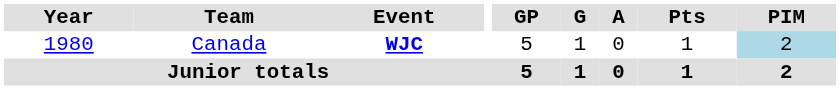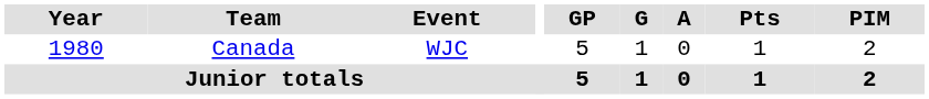 <table border="0" cellpadding="1" cellspacing="0" ID="Table3" style="text-align:center; width:40em">
 <tr bgcolor="#e0e0e0">
 <th>Year</th>
 <th>Team</th>
 <th>Event</th>
 <th rowspan="102" bgcolor="#ffffff"></th>
 <th>GP</th>
 <th>G</th>
 <th>A</th>
 <th>Pts</th>
 <th>PIM</th>
 </tr>
 <tr>
 <td><a href='#'>1980</a></td>
 <td><a href='#'>Canada</a></td>
-<td><strong><a href='#'>WJC</a></strong></td>
+<td><a href='#'>WJC</a></td>
 <td>5</td>
 <td>1</td>
 <td>0</td>
 <td>1</td>
-<td style="background: lightblue;">2</td>
+<td>2</td>
 </tr>
 <tr bgcolor="#e0e0e0">
 <th colspan="4">Junior totals</th>
 <th>5</th>
 <th>1</th>
 <th>0</th>
 <th>1</th>
 <th>2</th>
 </tr>
 </table>
